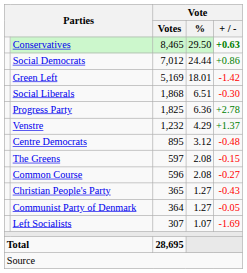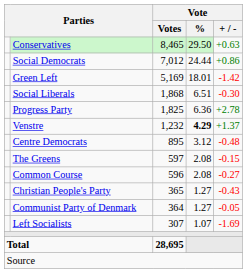 <table class="wikitable" style="text-align:right;">
 <tr>
 <th style="text-align:centre;" rowspan="2" colspan="2" width="225">Parties</th>
 <th colspan="3">Vote</th>
 </tr>
 <tr>
 <th width="15">Votes</th>
 <th width="15">%</th>
 <th width="15">+ / -</th>
 </tr>
 <tr>
 <td width="2" style="color:inherit;background:"></td>
 <td bgcolor=#ccf7cc  align="left"><a href='#'>Conservatives</a></td>
 <td bgcolor=#ccf7cc>8,465</td>
 <td bgcolor=#ccf7cc>29.50</td>
-<td style=color:green;><strong>+0.63</strong></td>
+<td style=color:green;>+0.63</td>
 </tr>
 <tr>
 <td width="2" style="color:inherit;background:"></td>
 <td align="left"><a href='#'>Social Democrats</a></td>
 <td>7,012</td>
 <td>24.44</td>
 <td style=color:green;>+0.86</td>
 </tr>
 <tr>
 <td width="2" style="color:inherit;background:"></td>
 <td align="left"><a href='#'>Green Left</a></td>
 <td>5,169</td>
 <td>18.01</td>
 <td style=color:red;>-1.42</td>
 </tr>
 <tr>
 <td width="2" style="color:inherit;background:"></td>
 <td align="left"><a href='#'>Social Liberals</a></td>
 <td>1,868</td>
 <td>6.51</td>
 <td style=color:red;>-0.30</td>
 </tr>
 <tr>
 <td width="2" style="color:inherit;background:"></td>
 <td align="left"><a href='#'>Progress Party</a></td>
 <td>1,825</td>
 <td>6.36</td>
 <td style=color:green;>+2.78</td>
 </tr>
 <tr>
 <td width="2" style="color:inherit;background:"></td>
 <td align="left"><a href='#'>Venstre</a></td>
 <td>1,232</td>
-<td>4.29</td>
+<td><strong>4.29</strong></td>
 <td style=color:green;>+1.37</td>
 </tr>
 <tr>
 <td width="2" style="color:inherit;background:"></td>
 <td align="left"><a href='#'>Centre Democrats</a></td>
 <td>895</td>
 <td>3.12</td>
 <td style=color:red;>-0.48</td>
 </tr>
 <tr>
 <td width="2" style="color:inherit;background:"></td>
 <td align="left"><a href='#'>The Greens</a></td>
 <td>597</td>
 <td>2.08</td>
 <td style=color:red;>-0.15</td>
 </tr>
 <tr>
 <td width="2" style="color:inherit;background:"></td>
 <td align="left"><a href='#'>Common Course</a></td>
 <td>596</td>
 <td>2.08</td>
 <td style=color:red;>-0.27</td>
 </tr>
 <tr>
 <td width="2" style="color:inherit;background:"></td>
 <td align="left"><a href='#'>Christian People's Party</a></td>
 <td>365</td>
 <td>1.27</td>
 <td style=color:red;>-0.43</td>
 </tr>
 <tr>
 <td width="2" style="color:inherit;background:"></td>
 <td align="left"><a href='#'>Communist Party of Denmark</a></td>
 <td>364</td>
 <td>1.27</td>
 <td style=color:red;>-0.05</td>
 </tr>
 <tr>
 <td width="2" style="color:inherit;background:"></td>
 <td align="left"><a href='#'>Left Socialists</a></td>
 <td>307</td>
 <td>1.07</td>
 <td style=color:red;>-1.69</td>
 </tr>
 <tr>
 <td colspan="7" bgcolor="#E9E9E9"></td>
 </tr>
 <tr>
 <td align="left" colspan="2"><strong>Total</strong></td>
 <td><strong>28,695</strong></td>
 <td bgcolor="#E9E9E9" colspan="2"></td>
 </tr>
 <tr>
 <td align="left" colspan="6">Source</td>
 </tr>
 </table>
